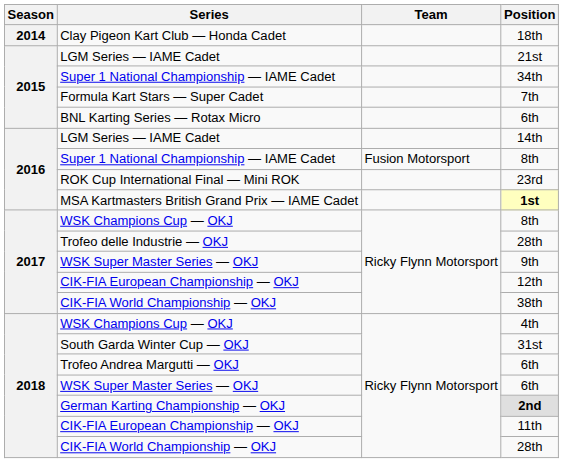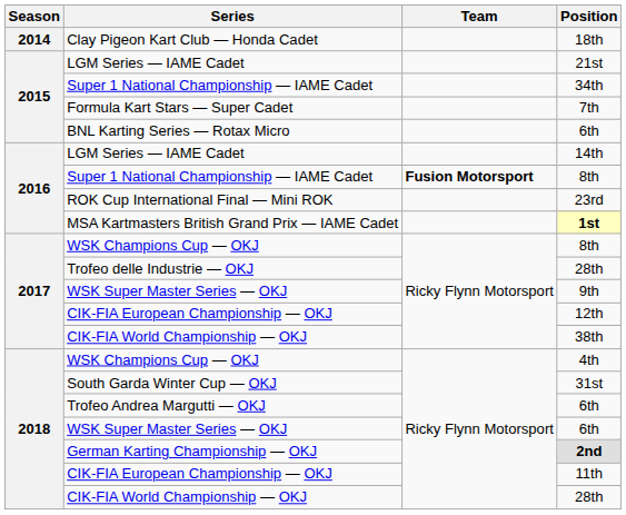 <table class="wikitable" style="font-size: 85%; text-align:center">
 <tr>
 <th>Season</th>
 <th>Series</th>
 <th>Team</th>
 <th>Position</th>
 </tr>
 <tr>
 <th rowspan="1">2014</th>
 <td align="left">Clay Pigeon Kart Club — Honda Cadet</td>
 <td align="left"></td>
 <td>18th</td>
 </tr>
 <tr>
 <th rowspan="4">2015</th>
 <td align="left">LGM Series — IAME Cadet</td>
 <td align="left"></td>
 <td>21st</td>
 </tr>
 <tr>
 <td align="left"><a href='#'>Super 1 National Championship</a> — IAME Cadet</td>
 <td align="left"></td>
 <td>34th</td>
 </tr>
 <tr>
 <td align="left">Formula Kart Stars — Super Cadet</td>
 <td></td>
 <td>7th</td>
 </tr>
 <tr>
 <td align="left">BNL Karting Series — Rotax Micro</td>
 <td align="left"></td>
 <td>6th</td>
 </tr>
 <tr>
 <th rowspan="4">2016</th>
 <td align="left">LGM Series — IAME Cadet</td>
 <td></td>
 <td>14th</td>
 </tr>
 <tr>
 <td align="left"><a href='#'>Super 1 National Championship</a> — IAME Cadet</td>
-<td align="left">Fusion Motorsport</td>
+<td align="left"><strong>Fusion Motorsport</strong></td>
 <td>8th</td>
 </tr>
 <tr>
 <td align="left">ROK Cup International Final — Mini ROK</td>
 <td></td>
 <td>23rd</td>
 </tr>
 <tr>
 <td align="left">MSA Kartmasters British Grand Prix — IAME Cadet</td>
 <td align="left"></td>
 <td style="background:#FFFFBF;"><strong>1st</strong></td>
 </tr>
 <tr>
 <th rowspan="5">2017</th>
 <td align="left"><a href='#'>WSK Champions Cup</a> — <a href='#'>OKJ</a></td>
 <td rowspan="5"  align="left">Ricky Flynn Motorsport</td>
 <td>8th</td>
 </tr>
 <tr>
 <td align="left">Trofeo delle Industrie — <a href='#'>OKJ</a></td>
 <td>28th</td>
 </tr>
 <tr>
 <td align="left"><a href='#'>WSK Super Master Series</a> — <a href='#'>OKJ</a></td>
 <td>9th</td>
 </tr>
 <tr>
 <td align="left"><a href='#'>CIK-FIA European Championship</a> — <a href='#'>OKJ</a></td>
 <td>12th</td>
 </tr>
 <tr>
 <td align="left"><a href='#'>CIK-FIA World Championship</a> — <a href='#'>OKJ</a></td>
 <td>38th</td>
 </tr>
 <tr>
 <th rowspan="7">2018</th>
 <td align="left"><a href='#'>WSK Champions Cup</a> — <a href='#'>OKJ</a></td>
 <td rowspan="7" align="left">Ricky Flynn Motorsport</td>
 <td>4th</td>
 </tr>
 <tr>
 <td align="left">South Garda Winter Cup — <a href='#'>OKJ</a></td>
 <td>31st</td>
 </tr>
 <tr>
 <td align="left">Trofeo Andrea Margutti — <a href='#'>OKJ</a></td>
 <td>6th</td>
 </tr>
 <tr>
 <td align="left"><a href='#'>WSK Super Master Series</a> — <a href='#'>OKJ</a></td>
 <td>6th</td>
 </tr>
 <tr>
 <td align="left"><a href='#'>German Karting Championship</a> — <a href='#'>OKJ</a></td>
 <td style="background:#DFDFDF;"><strong>2nd</strong></td>
 </tr>
 <tr>
 <td align="left"><a href='#'>CIK-FIA European Championship</a> — <a href='#'>OKJ</a></td>
 <td>11th</td>
 </tr>
 <tr>
 <td align="left"><a href='#'>CIK-FIA World Championship</a> — <a href='#'>OKJ</a></td>
 <td>28th</td>
 </tr>
 </table>
